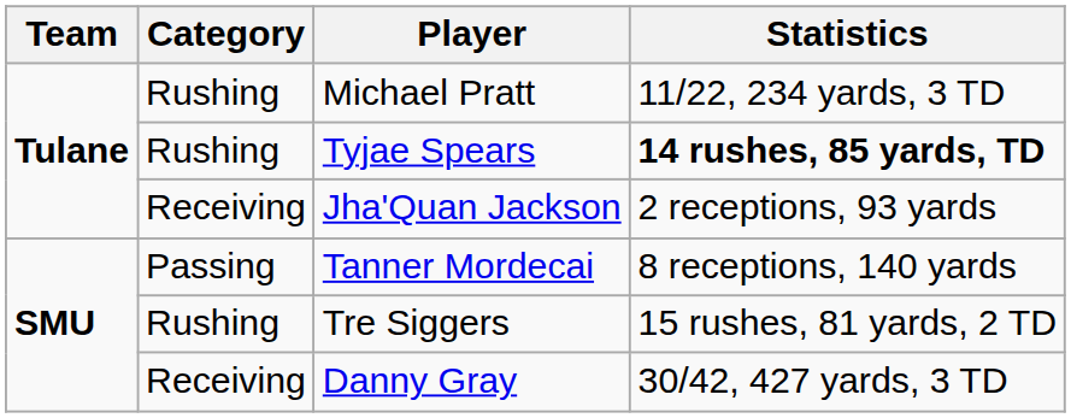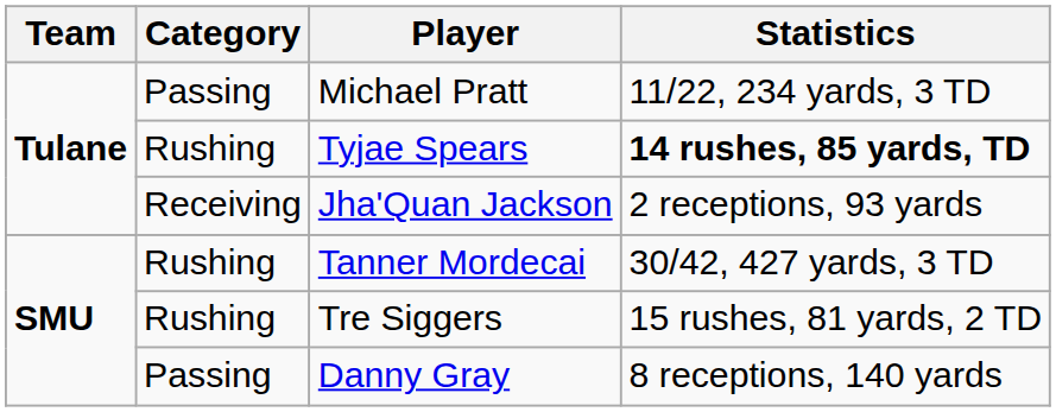 <table class="wikitable" style="float: left;">
 <tr>
 <th>Team</th>
 <th>Category</th>
 <th>Player</th>
 <th>Statistics</th>
 </tr>
 <tr>
 <td rowspan=3><strong>Tulane</strong></td>
-<td>Rushing</td>
+<td>Passing</td>
 <td>Michael Pratt</td>
 <td>11/22, 234 yards, 3 TD</td>
 </tr>
 <tr>
 <td>Rushing</td>
 <td><a href='#'>Tyjae Spears</a></td>
 <td><strong>14 rushes, 85 yards, TD</strong></td>
 </tr>
 <tr>
 <td>Receiving</td>
 <td><a href='#'>Jha'Quan Jackson</a></td>
 <td>2 receptions, 93 yards</td>
 </tr>
 <tr>
 <td rowspan=3><strong>SMU</strong></td>
-<td>Passing</td>
+<td>Rushing</td>
 <td><a href='#'>Tanner Mordecai</a></td>
-<td>8 receptions, 140 yards</td>
+<td>30/42, 427 yards, 3 TD</td>
 </tr>
 <tr>
 <td>Rushing</td>
 <td>Tre Siggers</td>
 <td>15 rushes, 81 yards, 2 TD</td>
 </tr>
 <tr>
-<td>Receiving</td>
+<td>Passing</td>
 <td><a href='#'>Danny Gray</a></td>
-<td>30/42, 427 yards, 3 TD</td>
+<td>8 receptions, 140 yards</td>
 </tr>
 </table>
